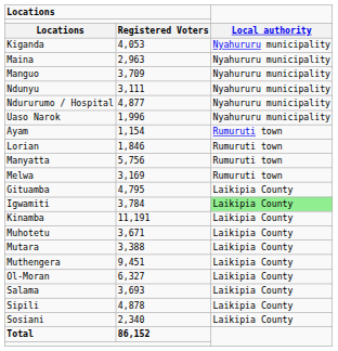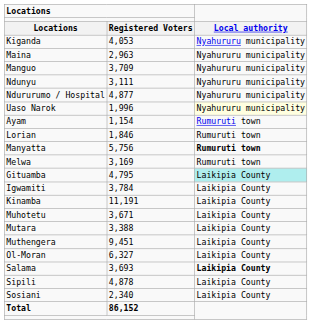 <table class="wikitable">
 <tr>
 <td colspan="2"><strong>Locations</strong></td>
 </tr>
 <tr>
 <td colspan="2"></td>
 </tr>
 <tr>
 <th>Locations</th>
 <th>Registered Voters</th>
 <th><a href='#'>Local authority</a></th>
 </tr>
 <tr>
 <td>Kiganda</td>
 <td>4,053</td>
 <td><a href='#'>Nyahururu</a> municipality</td>
 </tr>
 <tr>
 <td>Maina</td>
 <td>2,963</td>
 <td>Nyahururu municipality</td>
 </tr>
 <tr>
 <td>Manguo</td>
 <td>3,709</td>
 <td>Nyahururu municipality</td>
 </tr>
 <tr>
 <td>Ndunyu</td>
 <td>3,111</td>
 <td>Nyahururu municipality</td>
 </tr>
 <tr>
 <td>Ndururumo / Hospital</td>
 <td>4,877</td>
 <td>Nyahururu municipality</td>
 </tr>
 <tr>
 <td>Uaso Narok</td>
 <td>1,996</td>
-<td>Nyahururu municipality</td>
+<td style="background: lightyellow;">Nyahururu municipality</td>
 </tr>
 <tr>
 <td>Ayam</td>
 <td>1,154</td>
 <td><a href='#'>Rumuruti</a> town</td>
 </tr>
 <tr>
 <td>Lorian</td>
 <td>1,846</td>
 <td>Rumuruti town</td>
 </tr>
 <tr>
 <td>Manyatta</td>
 <td>5,756</td>
-<td>Rumuruti town</td>
+<td><strong>Rumuruti town</strong></td>
 </tr>
 <tr>
 <td>Melwa</td>
 <td>3,169</td>
 <td>Rumuruti town</td>
 </tr>
 <tr>
 <td>Gituamba</td>
 <td>4,795</td>
-<td>Laikipia County</td>
+<td style="background: paleturquoise;">Laikipia County</td>
 </tr>
 <tr>
 <td>Igwamiti</td>
 <td>3,784</td>
-<td style="background: lightgreen;">Laikipia County</td>
+<td>Laikipia County</td>
 </tr>
 <tr>
 <td>Kinamba</td>
 <td>11,191</td>
 <td>Laikipia County</td>
 </tr>
 <tr>
 <td>Muhotetu</td>
 <td>3,671</td>
 <td>Laikipia County</td>
 </tr>
 <tr>
 <td>Mutara</td>
 <td>3,388</td>
 <td>Laikipia County</td>
 </tr>
 <tr>
 <td>Muthengera</td>
 <td>9,451</td>
 <td>Laikipia County</td>
 </tr>
 <tr>
 <td>Ol-Moran</td>
 <td>6,327</td>
 <td>Laikipia County</td>
 </tr>
 <tr>
 <td>Salama</td>
 <td>3,693</td>
-<td>Laikipia County</td>
+<td><strong>Laikipia County</strong></td>
 </tr>
 <tr>
 <td>Sipili</td>
 <td>4,878</td>
 <td>Laikipia County</td>
 </tr>
 <tr>
 <td>Sosiani</td>
 <td>2,340</td>
 <td>Laikipia County</td>
 </tr>
 <tr>
 <td><strong>Total</strong></td>
 <td><strong>86,152</strong></td>
 </tr>
 <tr>
 <td colspan="2"></td>
 </tr>
 </table>
